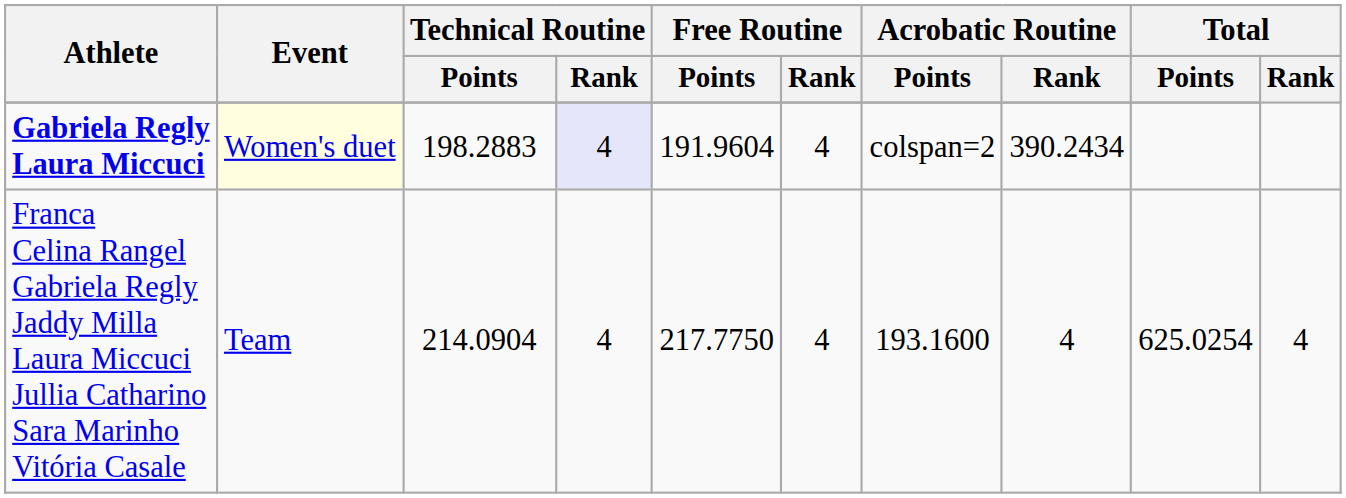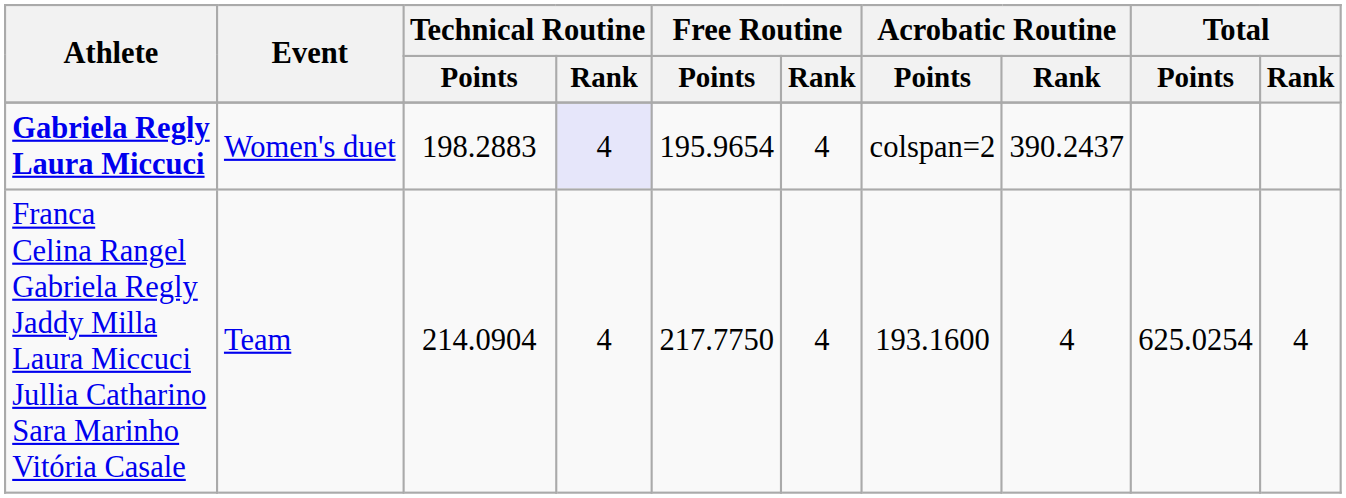 <table class=wikitable style="font-size:90%">
 <tr>
 <th rowspan="2">Athlete</th>
 <th rowspan="2">Event</th>
 <th colspan="2">Technical Routine</th>
 <th colspan="2">Free Routine</th>
 <th colspan="2">Acrobatic Routine</th>
 <th colspan="2">Total</th>
 </tr>
 <tr style=font-size:95%>
 <th>Points</th>
 <th>Rank</th>
 <th>Points</th>
 <th>Rank</th>
 <th>Points</th>
 <th>Rank</th>
 <th>Points</th>
 <th>Rank</th>
 </tr>
 <tr>
 </tr>
 <tr align=center>
 <td align=left><strong><a href='#'>Gabriela Regly</a><br><a href='#'>Laura Miccuci</a></strong></td>
-<td align=left style="background: lightyellow;"><a href='#'>Women's duet</a></td>
+<td align=left><a href='#'>Women's duet</a></td>
 <td>198.2883</td>
 <td style="background: lavender;">4</td>
-<td>191.9604</td>
+<td>195.9654</td>
 <td>4</td>
 <td>colspan=2 </td>
-<td>390.2434</td>
+<td>390.2437</td>
 <td></td>
 </tr>
 <tr align=center>
 <td align=left><a href='#'> Franca</a><br><a href='#'>Celina Rangel</a><br><a href='#'>Gabriela Regly</a><br><a href='#'>Jaddy Milla</a><br><a href='#'>Laura Miccuci</a><br><a href='#'>Jullia Catharino</a><br><a href='#'>Sara Marinho</a><br><a href='#'>Vitória Casale</a></td>
 <td align=left><a href='#'>Team</a></td>
 <td>214.0904</td>
 <td>4</td>
 <td>217.7750</td>
 <td>4</td>
 <td>193.1600</td>
 <td>4</td>
 <td>625.0254</td>
 <td>4</td>
 </tr>
 </table>
